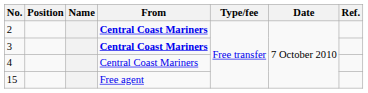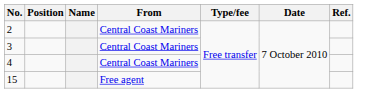 <table class="wikitable plainrowheaders sortable" style="text-align:center; text-align:left">
 <tr>
 <th>No.</th>
 <th>Position</th>
 <th>Name</th>
 <th>From</th>
 <th>Type/fee</th>
 <th>Date</th>
 <th>Ref.</th>
 </tr>
 <tr>
 <td>2</td>
 <td></td>
 <th scope="row"></th>
-<td><strong><a href='#'>Central Coast Mariners</a></strong></td>
+<td><a href='#'>Central Coast Mariners</a></td>
 <td rowspan="6"><a href='#'>Free transfer</a></td>
 <td rowspan="6">7 October 2010</td>
 <td></td>
 </tr>
 <tr>
 <td>3</td>
 <td></td>
 <th scope="row"></th>
-<td><strong><a href='#'>Central Coast Mariners</a></strong></td>
+<td><a href='#'>Central Coast Mariners</a></td>
 <td></td>
 </tr>
 <tr>
 <td>4</td>
 <td></td>
 <th scope="row"></th>
 <td><a href='#'>Central Coast Mariners</a></td>
 <td></td>
 </tr>
 <tr>
 <td>15</td>
 <td></td>
 <th scope="row"></th>
 <td><a href='#'>Free agent</a></td>
 <td></td>
 </tr>
 </table>
